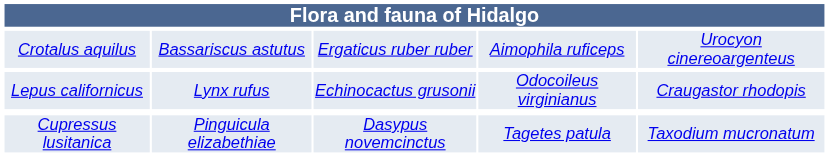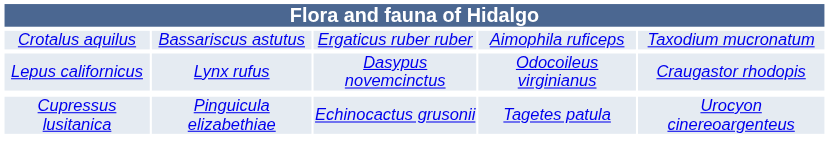 <table class="toc" cellpadding=0 cellspacing=2 width=800px style="float:center; margin: 0.5em 0.5em 0.5em 1em; padding: 0.5e">
 <tr>
 <td colspan=8 style="background:#4b6791; color:white; font-size:120%" align=center bgcolor="green"><strong>Flora and fauna of Hidalgo</strong></td>
 </tr>
 <tr>
 <td align=center valign=center bgcolor="#f9f9f9"></td>
 <td align=center valign=center bgcolor="#f9f9f9"></td>
 <td align=center valign=center bgcolor="#f9f9f9"></td>
 <td align=center valign=center bgcolor="#f9f9f9"></td>
 <td align=center valign=center bgcolor="#f9f9f9"></td>
 </tr>
 <tr>
 <td style="background:#e5ebf2;" align=center><em><a href='#'>Crotalus aquilus</a></em></td>
 <td style="background:#e5ebf2;" align=center><em><a href='#'>Bassariscus astutus</a></em></td>
 <td style="background:#e5ebf2;" align=center><em><a href='#'>Ergaticus ruber ruber</a></em></td>
 <td style="background:#e5ebf2;" align=center><em><a href='#'>Aimophila ruficeps</a></em></td>
-<td style="background:#e5ebf2;" align=center><em><a href='#'>Urocyon cinereoargenteus</a></em></td>
+<td style="background:#e5ebf2;" align=center><em><a href='#'>Taxodium mucronatum</a></em></td>
 </tr>
 <tr>
 <td align=center valign=center bgcolor="#f9f9f9"></td>
 <td align=center valign=center bgcolor="#f9f9f9"></td>
 <td align=center valign=center bgcolor="#f9f9f9"></td>
 <td align=center valign=center bgcolor="#f9f9f9"></td>
 <td align=center valign=center bgcolor="#f9f9f9"></td>
 </tr>
 <tr>
 <td style="background:#e5ebf2;" align=center><em><a href='#'>Lepus californicus</a></em></td>
 <td style="background:#e5ebf2;" align=center><em><a href='#'>Lynx rufus</a></em></td>
-<td style="background:#e5ebf2;" align=center><em><a href='#'>Echinocactus grusonii</a></em></td>
+<td style="background:#e5ebf2;" align=center><em><a href='#'>Dasypus novemcinctus</a></em></td>
 <td style="background:#e5ebf2;" align=center><em><a href='#'>Odocoileus virginianus</a></em></td>
 <td style="background:#e5ebf2;" align=center><em><a href='#'>Craugastor rhodopis</a></em></td>
 </tr>
 <tr>
 </tr>
 <tr>
 <td align=center valign=center bgcolor="#f9f9f9"></td>
 <td align=center valign=center bgcolor="#f9f9f9"></td>
 <td align=center valign=center bgcolor="#f9f9f9"></td>
 <td align=center valign=center bgcolor="#f9f9f9"></td>
 <td align=center valign=center bgcolor="#f9f9f9"></td>
 </tr>
 <tr>
 <td style="background:#e5ebf2;" align=center><em><a href='#'>Cupressus lusitanica</a></em></td>
 <td style="background:#e5ebf2;" align=center><em><a href='#'>Pinguicula elizabethiae</a></em></td>
-<td style="background:#e5ebf2;" align=center><em><a href='#'>Dasypus novemcinctus</a></em></td>
+<td style="background:#e5ebf2;" align=center><em><a href='#'>Echinocactus grusonii</a></em></td>
 <td style="background:#e5ebf2;" align=center><em><a href='#'>Tagetes patula</a></em></td>
-<td style="background:#e5ebf2;" align=center><em><a href='#'>Taxodium mucronatum</a></em></td>
+<td style="background:#e5ebf2;" align=center><em><a href='#'>Urocyon cinereoargenteus</a></em></td>
 </tr>
 <tr>
 </tr>
 </table>
